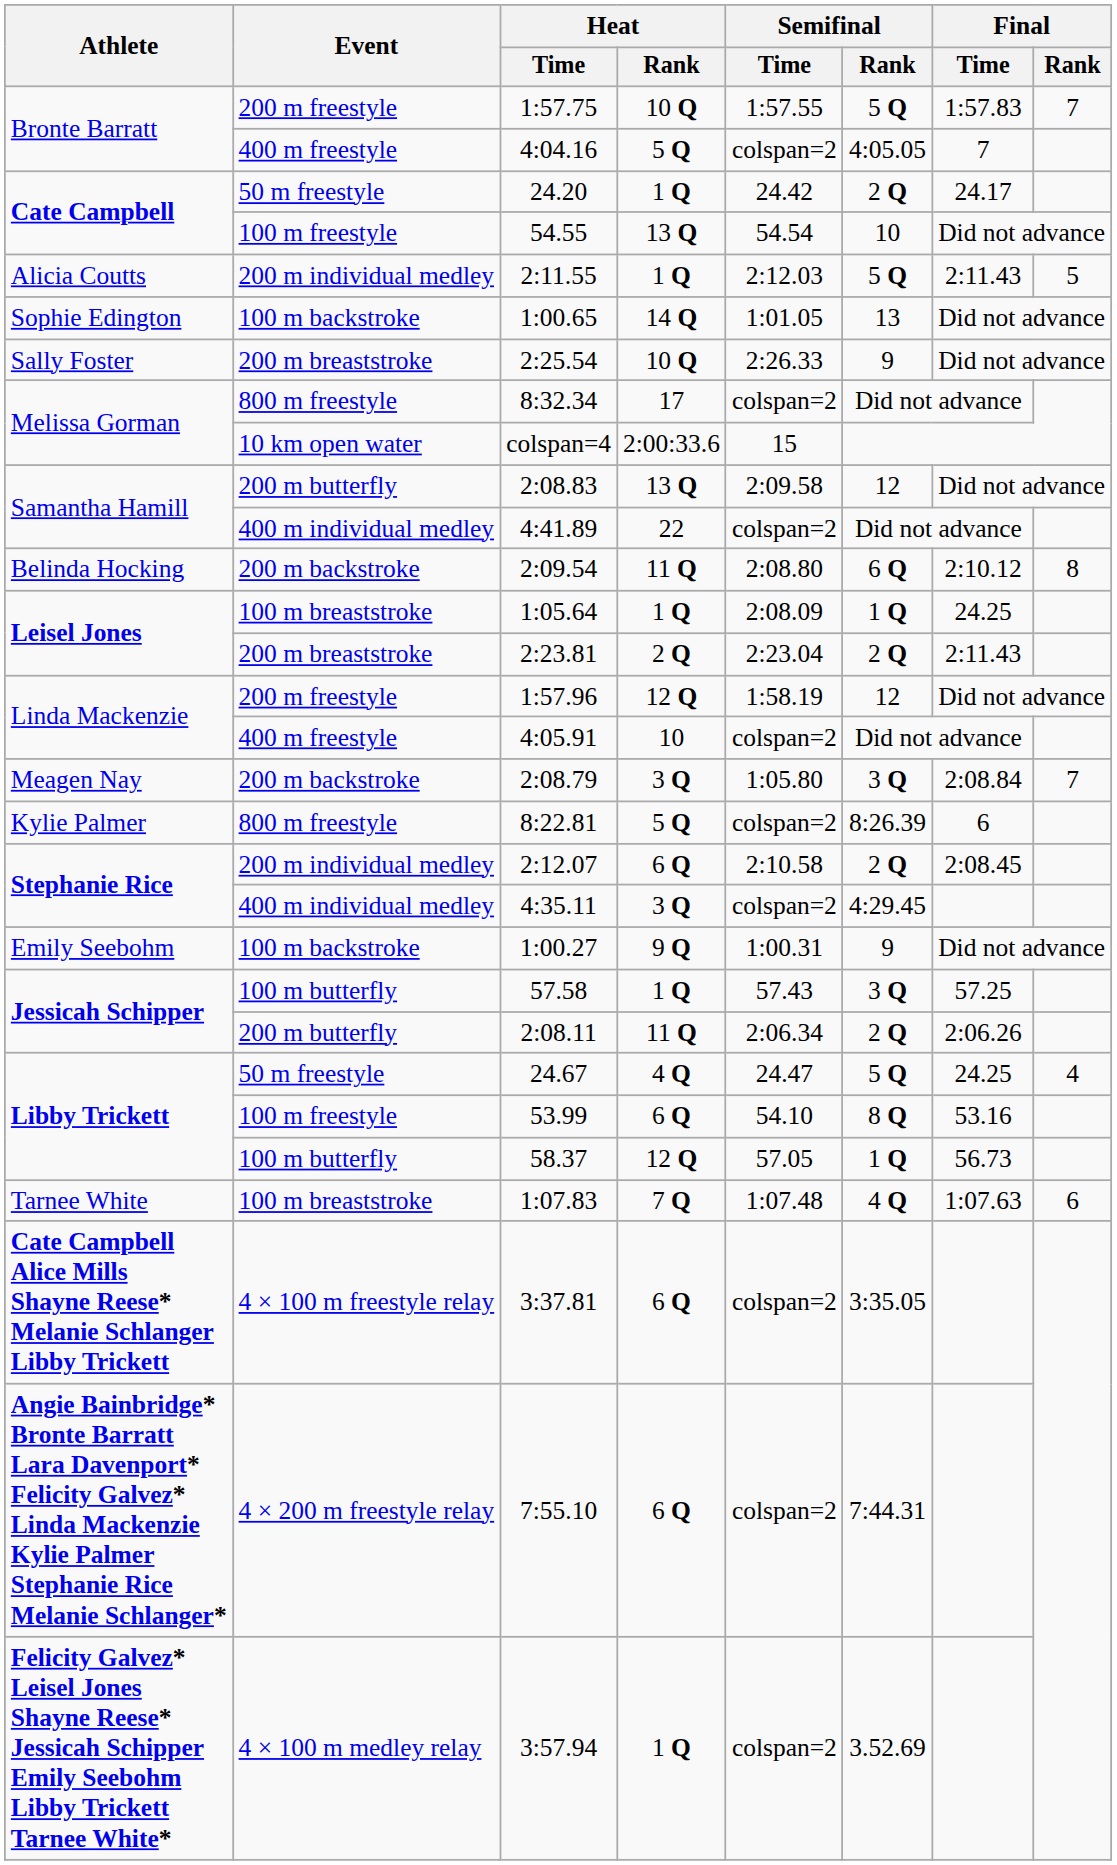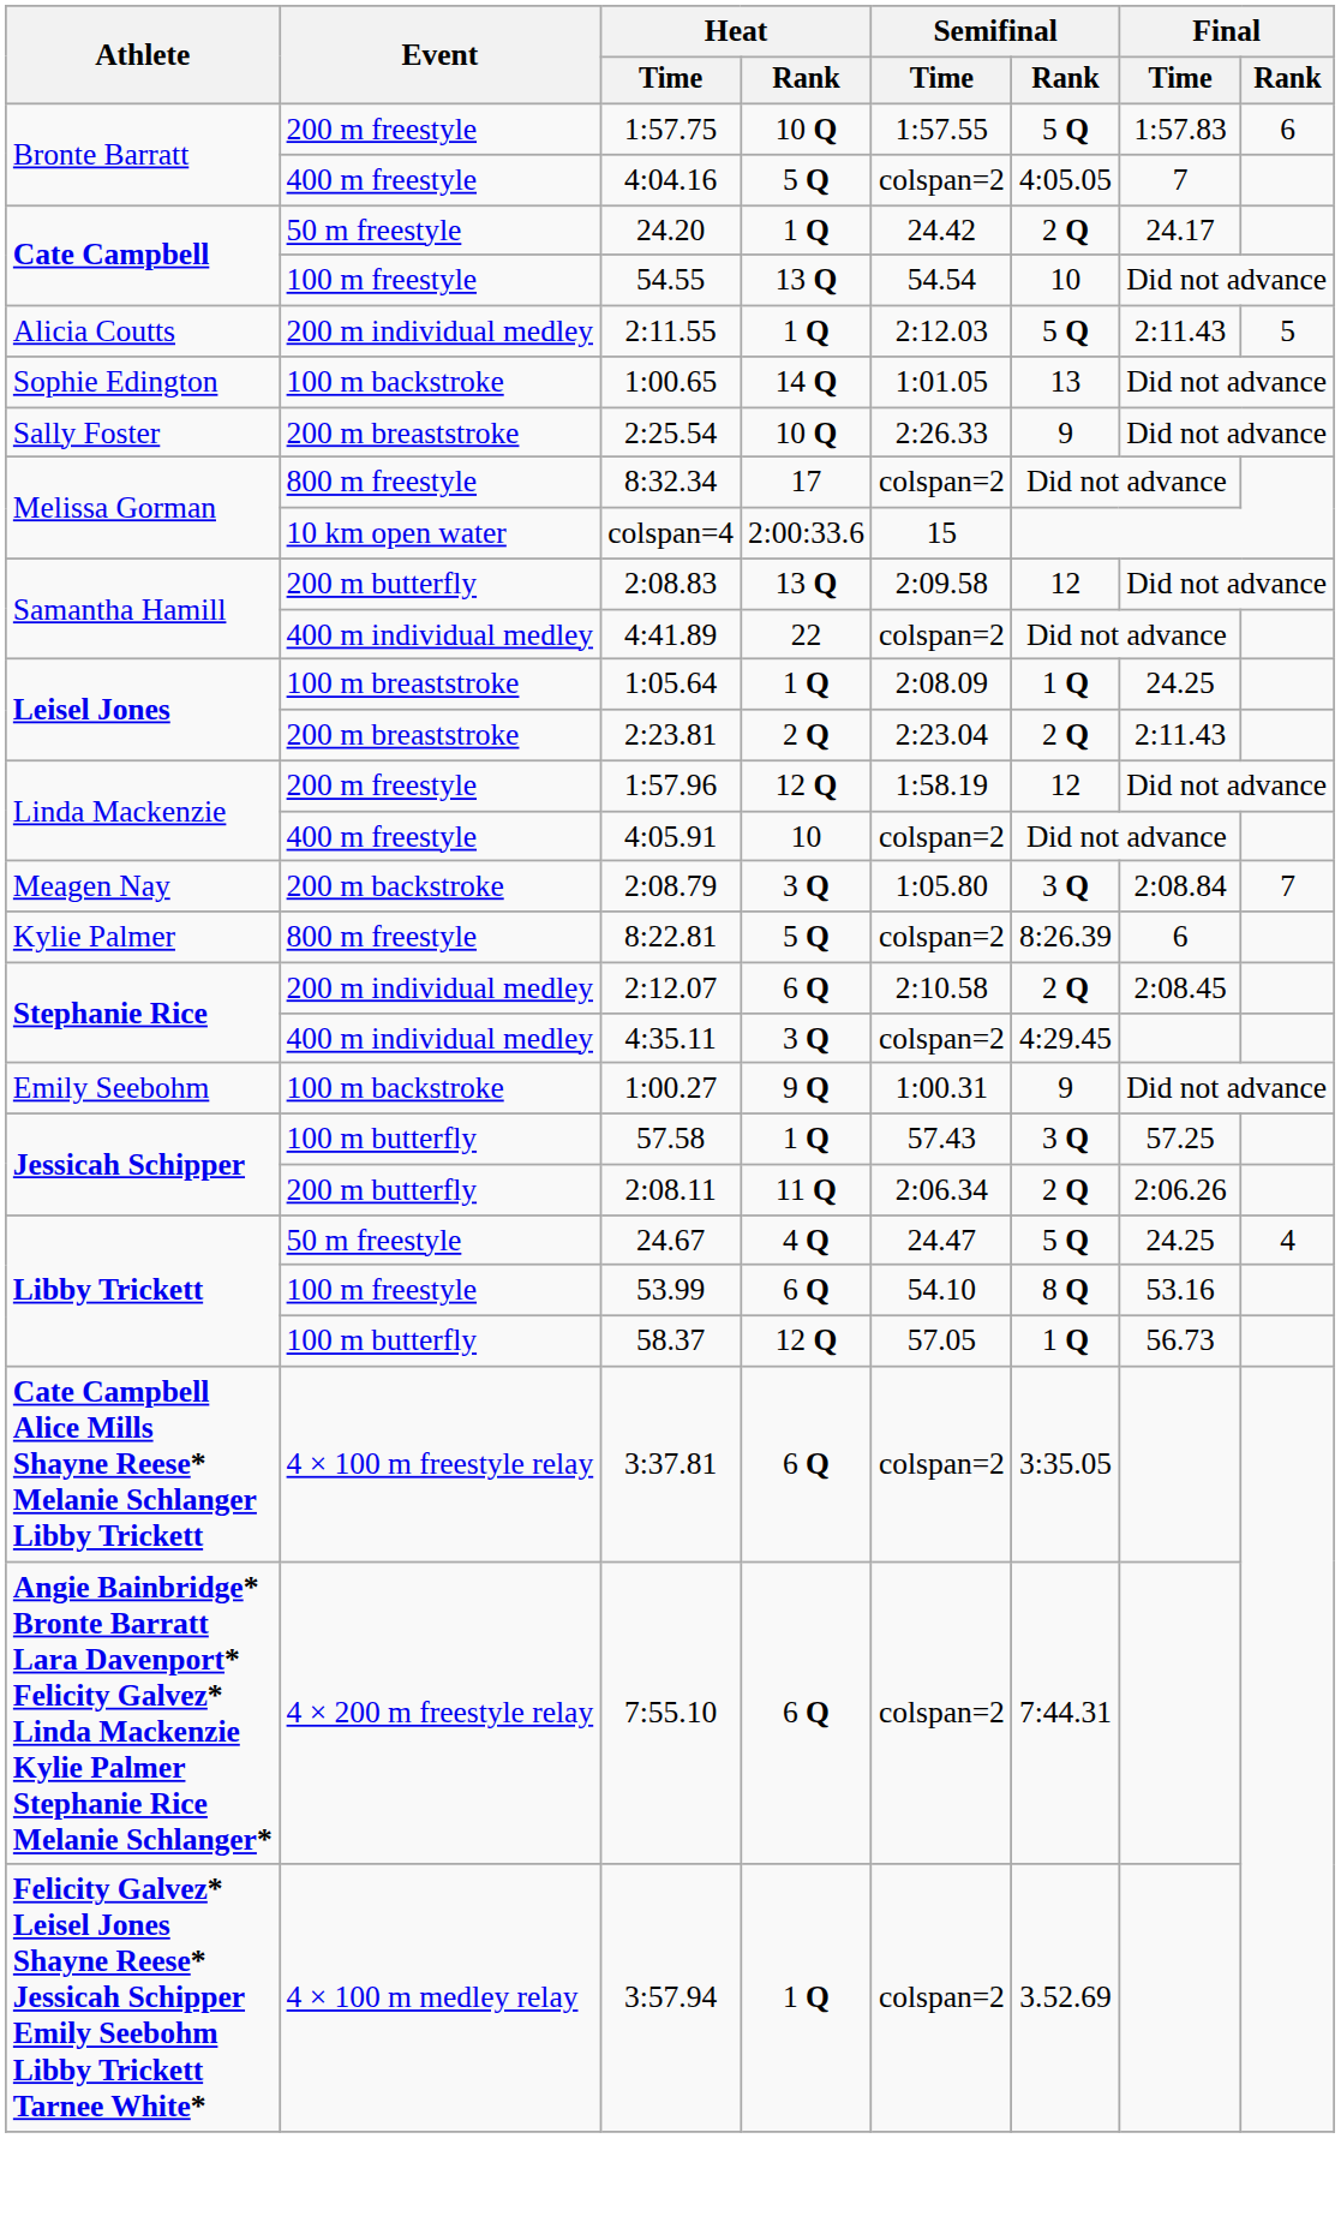 <table class=wikitable style="font-size:90%">
 <tr>
 <th rowspan="2">Athlete</th>
 <th rowspan="2">Event</th>
 <th colspan="2">Heat</th>
 <th colspan="2">Semifinal</th>
 <th colspan="2">Final</th>
 </tr>
 <tr style="font-size:95%">
 <th>Time</th>
 <th>Rank</th>
 <th>Time</th>
 <th>Rank</th>
 <th>Time</th>
 <th>Rank</th>
 </tr>
 <tr align=center>
 <td align=left rowspan=2><a href='#'>Bronte Barratt</a></td>
 <td align=left><a href='#'>200 m freestyle</a></td>
 <td>1:57.75</td>
 <td>10 <strong>Q</strong></td>
 <td>1:57.55</td>
 <td>5 <strong>Q</strong></td>
 <td>1:57.83</td>
-<td>7</td>
+<td>6</td>
 </tr>
 <tr align=center>
 <td align=left><a href='#'>400 m freestyle</a></td>
 <td>4:04.16</td>
 <td>5 <strong>Q</strong></td>
 <td>colspan=2 </td>
 <td>4:05.05</td>
 <td>7</td>
 </tr>
 <tr align=center>
 <td align=left rowspan=2><strong><a href='#'>Cate Campbell</a></strong></td>
 <td align=left><a href='#'>50 m freestyle</a></td>
 <td>24.20</td>
 <td>1 <strong>Q</strong></td>
 <td>24.42</td>
 <td>2 <strong>Q</strong></td>
 <td>24.17</td>
 <td></td>
 </tr>
 <tr align=center>
 <td align=left><a href='#'>100 m freestyle</a></td>
 <td>54.55</td>
 <td>13 <strong>Q</strong></td>
 <td>54.54</td>
 <td>10</td>
 <td colspan=2>Did not advance</td>
 </tr>
 <tr align=center>
 <td align=left><a href='#'>Alicia Coutts</a></td>
 <td align=left><a href='#'>200 m individual medley</a></td>
 <td>2:11.55</td>
 <td>1 <strong>Q</strong></td>
 <td>2:12.03</td>
 <td>5 <strong>Q</strong></td>
 <td>2:11.43</td>
 <td>5</td>
 </tr>
 <tr align=center>
 <td align=left><a href='#'>Sophie Edington</a></td>
 <td align=left><a href='#'>100 m backstroke</a></td>
 <td>1:00.65</td>
 <td>14 <strong>Q</strong></td>
 <td>1:01.05</td>
 <td>13</td>
 <td colspan=2>Did not advance</td>
 </tr>
 <tr align=center>
 <td align=left><a href='#'>Sally Foster</a></td>
 <td align=left><a href='#'>200 m breaststroke</a></td>
 <td>2:25.54</td>
 <td>10 <strong>Q</strong></td>
 <td>2:26.33</td>
 <td>9</td>
 <td colspan=2>Did not advance</td>
 </tr>
 <tr align=center>
 <td align=left rowspan=2><a href='#'>Melissa Gorman</a></td>
 <td align=left><a href='#'>800 m freestyle</a></td>
 <td>8:32.34</td>
 <td>17</td>
 <td>colspan=2 </td>
 <td colspan=2>Did not advance</td>
 </tr>
 <tr align=center>
 <td align=left><a href='#'>10 km open water</a></td>
 <td>colspan=4 </td>
 <td>2:00:33.6</td>
 <td>15</td>
 </tr>
 <tr align=center>
 <td align=left rowspan=2><a href='#'>Samantha Hamill</a></td>
 <td align=left><a href='#'>200 m butterfly</a></td>
 <td>2:08.83</td>
 <td>13 <strong>Q</strong></td>
 <td>2:09.58</td>
 <td>12</td>
 <td colspan=2>Did not advance</td>
 </tr>
 <tr align=center>
 <td align=left><a href='#'>400 m individual medley</a></td>
 <td>4:41.89</td>
 <td>22</td>
 <td>colspan=2 </td>
 <td colspan=2>Did not advance</td>
-</tr>
-<tr align=center>
-<td align=left><a href='#'>Belinda Hocking</a></td>
-<td align=left><a href='#'>200 m backstroke</a></td>
-<td>2:09.54</td>
-<td>11 <strong>Q</strong></td>
-<td>2:08.80</td>
-<td>6 <strong>Q</strong></td>
-<td>2:10.12</td>
-<td>8</td>
 </tr>
 <tr align=center>
 <td align=left rowspan=2><strong><a href='#'>Leisel Jones</a></strong></td>
 <td align=left><a href='#'>100 m breaststroke</a></td>
 <td>1:05.64</td>
 <td>1 <strong>Q</strong></td>
 <td>2:08.09</td>
 <td>1 <strong>Q</strong></td>
 <td>24.25</td>
 <td></td>
 </tr>
 <tr align=center>
 <td align=left><a href='#'>200 m breaststroke</a></td>
 <td>2:23.81</td>
 <td>2 <strong>Q</strong></td>
 <td>2:23.04</td>
 <td>2 <strong>Q</strong></td>
 <td>2:11.43</td>
 <td></td>
 </tr>
 <tr align=center>
 <td align=left rowspan=2><a href='#'>Linda Mackenzie</a></td>
 <td align=left><a href='#'>200 m freestyle</a></td>
 <td>1:57.96</td>
 <td>12 <strong>Q</strong></td>
 <td>1:58.19</td>
 <td>12</td>
 <td colspan=2>Did not advance</td>
 </tr>
 <tr align=center>
 <td align=left><a href='#'>400 m freestyle</a></td>
 <td>4:05.91</td>
 <td>10</td>
 <td>colspan=2 </td>
 <td colspan=2>Did not advance</td>
 </tr>
 <tr align=center>
 <td align=left><a href='#'>Meagen Nay</a></td>
 <td align=left><a href='#'>200 m backstroke</a></td>
 <td>2:08.79</td>
 <td>3 <strong>Q</strong></td>
 <td>1:05.80</td>
 <td>3 <strong>Q</strong></td>
 <td>2:08.84</td>
 <td>7</td>
 </tr>
 <tr align=center>
 <td align=left><a href='#'>Kylie Palmer</a></td>
 <td align=left><a href='#'>800 m freestyle</a></td>
 <td>8:22.81</td>
 <td>5 <strong>Q</strong></td>
 <td>colspan=2 </td>
 <td>8:26.39</td>
 <td>6</td>
 </tr>
 <tr align=center>
 <td align=left rowspan=2><strong><a href='#'>Stephanie Rice</a></strong></td>
 <td align=left><a href='#'>200 m individual medley</a></td>
 <td>2:12.07</td>
 <td>6 <strong>Q</strong></td>
 <td>2:10.58</td>
 <td>2 <strong>Q</strong></td>
 <td>2:08.45 </td>
 <td></td>
 </tr>
 <tr align=center>
 <td align=left><a href='#'>400 m individual medley</a></td>
 <td>4:35.11</td>
 <td>3 <strong>Q</strong></td>
 <td>colspan=2 </td>
 <td>4:29.45 </td>
 <td></td>
 </tr>
 <tr align=center>
 <td align=left><a href='#'>Emily Seebohm</a></td>
 <td align=left><a href='#'>100 m backstroke</a></td>
 <td>1:00.27</td>
 <td>9 <strong>Q</strong></td>
 <td>1:00.31</td>
 <td>9</td>
 <td colspan=2>Did not advance</td>
 </tr>
 <tr align=center>
 <td align=left rowspan=2><strong><a href='#'>Jessicah Schipper</a></strong></td>
 <td align=left><a href='#'>100 m butterfly</a></td>
 <td>57.58</td>
 <td>1 <strong>Q</strong></td>
 <td>57.43</td>
 <td>3 <strong>Q</strong></td>
 <td>57.25</td>
 <td></td>
 </tr>
 <tr align=center>
 <td align=left><a href='#'>200 m butterfly</a></td>
 <td>2:08.11</td>
 <td>11 <strong>Q</strong></td>
 <td>2:06.34</td>
 <td>2 <strong>Q</strong></td>
 <td>2:06.26</td>
 <td></td>
 </tr>
 <tr align=center>
 <td align=left rowspan=3><strong><a href='#'>Libby Trickett</a></strong></td>
 <td align=left><a href='#'>50 m freestyle</a></td>
 <td>24.67</td>
 <td>4 <strong>Q</strong></td>
 <td>24.47</td>
 <td>5 <strong>Q</strong></td>
 <td>24.25</td>
 <td>4</td>
 </tr>
 <tr align=center>
 <td align=left><a href='#'>100 m freestyle</a></td>
 <td>53.99</td>
 <td>6 <strong>Q</strong></td>
 <td>54.10</td>
 <td>8 <strong>Q</strong></td>
 <td>53.16</td>
 <td></td>
 </tr>
 <tr align=center>
 <td align=left><a href='#'>100 m butterfly</a></td>
 <td>58.37</td>
 <td>12 <strong>Q</strong></td>
 <td>57.05</td>
 <td>1 <strong>Q</strong></td>
 <td>56.73</td>
 <td></td>
 </tr>
 <tr align=center>
-<td align=left><a href='#'>Tarnee White</a></td>
-<td align=left><a href='#'>100 m breaststroke</a></td>
-<td>1:07.83</td>
-<td>7 <strong>Q</strong></td>
-<td>1:07.48</td>
-<td>4 <strong>Q</strong></td>
-<td>1:07.63</td>
-<td>6</td>
-</tr>
-<tr align=center>
 <td align=left><strong><a href='#'>Cate Campbell</a><br><a href='#'>Alice Mills</a><br><a href='#'>Shayne Reese</a>*<br><a href='#'>Melanie Schlanger</a><br><a href='#'>Libby Trickett</a></strong></td>
 <td align=left><a href='#'>4 × 100 m freestyle relay</a></td>
 <td>3:37.81</td>
 <td>6 <strong>Q</strong></td>
 <td>colspan=2 </td>
 <td>3:35.05</td>
 <td></td>
 </tr>
 <tr align=center>
 <td align=left><strong><a href='#'>Angie Bainbridge</a>*<br><a href='#'>Bronte Barratt</a><br><a href='#'>Lara Davenport</a>*<br><a href='#'>Felicity Galvez</a>*<br><a href='#'>Linda Mackenzie</a><br><a href='#'>Kylie Palmer</a><br><a href='#'>Stephanie Rice</a><br><a href='#'>Melanie Schlanger</a>*</strong></td>
 <td align=left><a href='#'>4 × 200 m freestyle relay</a></td>
 <td>7:55.10</td>
 <td>6 <strong>Q</strong></td>
 <td>colspan=2 </td>
 <td>7:44.31 </td>
 <td></td>
 </tr>
 <tr align=center>
 <td align=left><strong><a href='#'>Felicity Galvez</a>*<br><a href='#'>Leisel Jones</a><br><a href='#'>Shayne Reese</a>*<br><a href='#'>Jessicah Schipper</a><br><a href='#'>Emily Seebohm</a><br><a href='#'>Libby Trickett</a><br><a href='#'>Tarnee White</a>*</strong></td>
 <td align=left><a href='#'>4 × 100 m medley relay</a></td>
 <td>3:57.94</td>
 <td>1 <strong>Q</strong></td>
 <td>colspan=2 </td>
 <td>3.52.69 </td>
 <td></td>
 </tr>
 </table>
